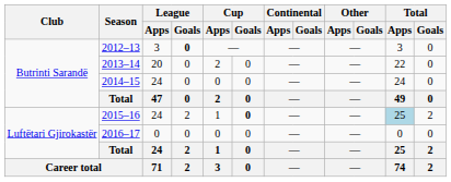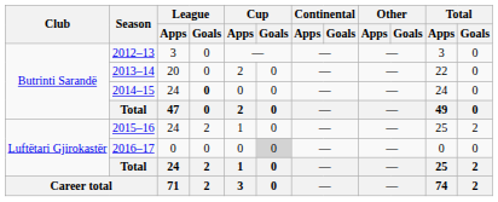 <table class="wikitable" style="text-align: center;">
 <tr>
 <th rowspan="2">Club</th>
 <th rowspan="2">Season</th>
 <th colspan="2">League</th>
 <th colspan="2">Cup</th>
 <th colspan="2">Continental</th>
 <th colspan="2">Other</th>
 <th colspan="2">Total</th>
 </tr>
 <tr>
 <th>Apps</th>
 <th>Goals</th>
 <th>Apps</th>
 <th>Goals</th>
 <th>Apps</th>
 <th>Goals</th>
 <th>Apps</th>
 <th>Goals</th>
 <th>Apps</th>
 <th>Goals</th>
 </tr>
 <tr>
 <td rowspan="4" valign="center"><a href='#'>Butrinti Sarandë</a></td>
 <td><a href='#'>2012–13</a></td>
 <td>3</td>
-<td><strong>0</strong></td>
+<td>0</td>
 <td colspan="2">—</td>
 <td colspan="2">—</td>
 <td colspan="2">—</td>
 <td>3</td>
 <td>0</td>
 </tr>
 <tr>
 <td><a href='#'>2013–14</a></td>
 <td>20</td>
 <td>0</td>
 <td>2</td>
 <td>0</td>
 <td colspan="2">—</td>
 <td colspan="2">—</td>
 <td>22</td>
 <td>0</td>
 </tr>
 <tr>
 <td><a href='#'>2014–15</a></td>
 <td>24</td>
-<td>0</td>
+<td><strong>0</strong></td>
 <td>0</td>
 <td>0</td>
 <td colspan="2">—</td>
 <td colspan="2">—</td>
 <td>24</td>
 <td>0</td>
 </tr>
 <tr>
 <th>Total</th>
 <th>47</th>
 <th>0</th>
 <th>2</th>
 <th>0</th>
 <th colspan="2">—</th>
 <th colspan="2">—</th>
 <th>49</th>
 <th>0</th>
 </tr>
 <tr>
 <td rowspan="3" valign="center"><a href='#'>Luftëtari Gjirokastër</a></td>
 <td><a href='#'>2015–16</a></td>
 <td>24</td>
 <td>2</td>
 <td>1</td>
-<td><strong>0</strong></td>
+<td>0</td>
 <td colspan="2">—</td>
 <td colspan="2">—</td>
-<td style="background: lightblue;">25</td>
+<td>25</td>
 <td>2</td>
 </tr>
 <tr>
 <td><a href='#'>2016–17</a></td>
 <td>0</td>
 <td>0</td>
 <td>0</td>
-<td>0</td>
+<td style="background: lightgrey;">0</td>
 <td colspan="2">—</td>
 <td colspan="2">—</td>
 <td>0</td>
 <td>0</td>
 </tr>
 <tr>
 <th>Total</th>
 <th>24</th>
 <th>2</th>
 <th>1</th>
 <th>0</th>
 <th colspan="2">—</th>
 <th colspan="2">—</th>
 <th>25</th>
 <th>2</th>
 </tr>
 <tr>
 <th colspan="2">Career total</th>
 <th>71</th>
 <th>2</th>
 <th>3</th>
 <th>0</th>
 <th colspan="2">—</th>
 <th colspan="2">—</th>
 <th>74</th>
 <th>2</th>
 </tr>
 </table>
